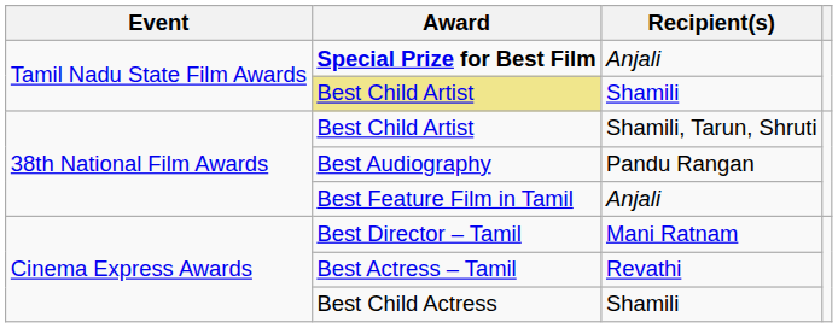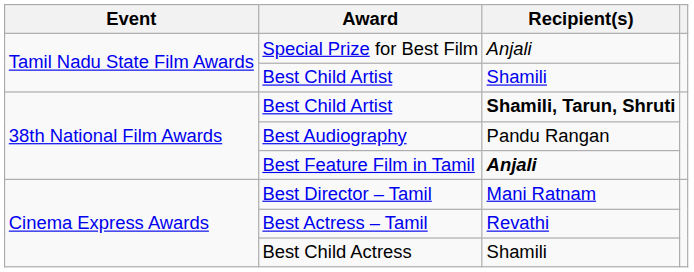 <table class="wikitable">
 <tr>
 <th>Event</th>
 <th>Award</th>
 <th>Recipient(s)</th>
 <th></th>
 </tr>
 <tr>
 <td rowspan="2"><a href='#'>Tamil Nadu State Film Awards</a></td>
-<td><strong><a href='#'>Special Prize</a> for Best Film</strong></td>
+<td><a href='#'>Special Prize</a> for Best Film</td>
 <td><em>Anjali</em></td>
 <td rowspan="2" style="text-align: center;"></td>
 </tr>
 <tr>
-<td style="background: khaki;"><a href='#'>Best Child Artist</a></td>
+<td><a href='#'>Best Child Artist</a></td>
 <td><a href='#'>Shamili</a></td>
 </tr>
 <tr>
 <td rowspan="3"><a href='#'>38th National Film Awards</a></td>
 <td><a href='#'>Best Child Artist</a></td>
-<td>Shamili, Tarun, Shruti</td>
+<td><strong>Shamili, Tarun, Shruti</strong></td>
 <td rowspan="3" style="text-align: center;"></td>
 </tr>
 <tr>
 <td><a href='#'>Best Audiography</a></td>
 <td>Pandu Rangan</td>
 </tr>
 <tr>
 <td><a href='#'>Best Feature Film in Tamil</a></td>
-<td><em>Anjali</em></td>
+<td><strong><em>Anjali</em></strong></td>
 </tr>
 <tr>
 <td rowspan="3"><a href='#'>Cinema Express Awards</a></td>
 <td><a href='#'>Best Director – Tamil</a></td>
 <td><a href='#'>Mani Ratnam</a></td>
 <td rowspan="3" style="text-align: center;"></td>
 </tr>
 <tr>
 <td><a href='#'>Best Actress – Tamil</a></td>
 <td><a href='#'>Revathi</a></td>
 </tr>
 <tr>
 <td>Best Child Actress</td>
 <td>Shamili</td>
 </tr>
 </table>
